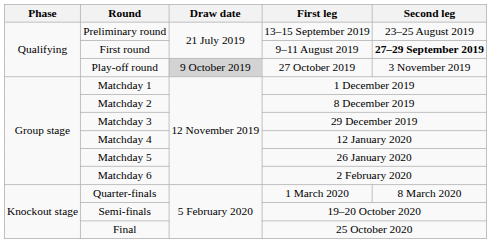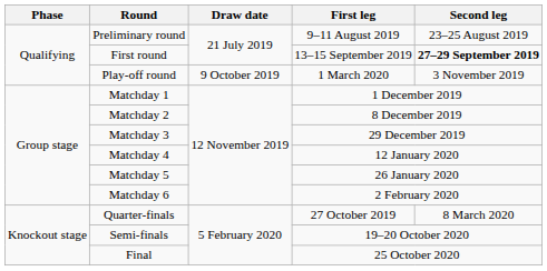 <table class="wikitable" style="text-align:center">
 <tr>
 <th>Phase</th>
 <th>Round</th>
 <th>Draw date</th>
 <th>First leg</th>
 <th>Second leg</th>
 </tr>
 <tr>
 <td rowspan=3>Qualifying</td>
 <td>Preliminary round</td>
 <td rowspan=2>21 July 2019</td>
-<td>13–15 September 2019</td>
+<td>9–11 August 2019</td>
 <td>23–25 August 2019</td>
 </tr>
 <tr>
 <td>First round</td>
-<td>9–11 August 2019</td>
+<td>13–15 September 2019</td>
 <td><strong>27–29 September 2019</strong></td>
 </tr>
 <tr>
 <td>Play-off round</td>
-<td style="background: lightgrey;">9 October 2019</td>
-<td>27 October 2019</td>
+<td>9 October 2019</td>
+<td>1 March 2020</td>
 <td>3 November 2019</td>
 </tr>
 <tr>
 <td rowspan=6>Group stage</td>
 <td>Matchday 1</td>
 <td rowspan=6>12 November 2019</td>
 <td colspan=2>1 December 2019</td>
 </tr>
 <tr>
 <td>Matchday 2</td>
 <td colspan=2>8 December 2019</td>
 </tr>
 <tr>
 <td>Matchday 3</td>
 <td colspan=2>29 December 2019</td>
 </tr>
 <tr>
 <td>Matchday 4</td>
 <td colspan=2>12 January 2020</td>
 </tr>
 <tr>
 <td>Matchday 5</td>
 <td colspan=2>26 January 2020</td>
 </tr>
 <tr>
 <td>Matchday 6</td>
 <td colspan=2>2 February 2020</td>
 </tr>
 <tr>
 <td rowspan=3>Knockout stage</td>
 <td>Quarter-finals</td>
 <td rowspan=3>5 February 2020</td>
-<td>1 March 2020</td>
+<td>27 October 2019</td>
 <td>8 March 2020</td>
 </tr>
 <tr>
 <td>Semi-finals</td>
 <td colspan=2>19–20 October 2020</td>
 </tr>
 <tr>
 <td>Final</td>
 <td colspan=2>25 October 2020</td>
 </tr>
 </table>
